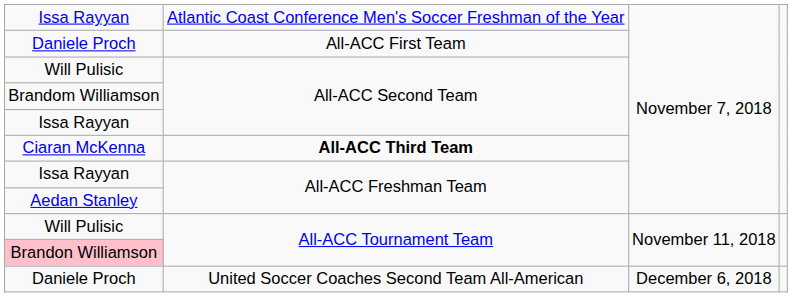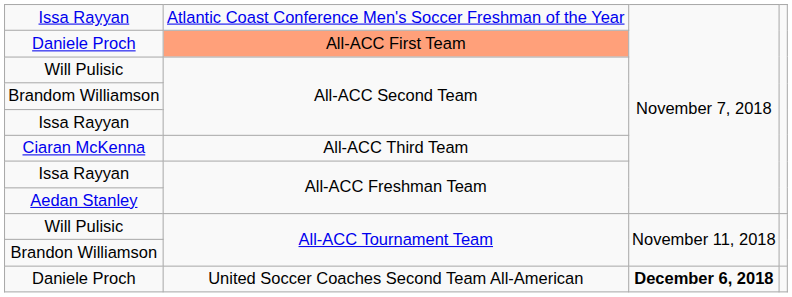 <table class="wikitable sortable" style="text-align: center">
 <tr>
 <td><a href='#'>Issa Rayyan</a></td>
 <td><a href='#'>Atlantic Coast Conference Men's Soccer Freshman of the Year</a></td>
 <td rowspan=8>November 7, 2018</td>
 <td rowspan=8></td>
 </tr>
 <tr>
 <td><a href='#'>Daniele Proch</a></td>
-<td>All-ACC First Team</td>
+<td style="background: lightsalmon;">All-ACC First Team</td>
 </tr>
 <tr>
 <td>Will Pulisic</td>
 <td rowspan=3>All-ACC Second Team</td>
 </tr>
 <tr>
 <td>Brandom Williamson</td>
 </tr>
 <tr>
 <td>Issa Rayyan</td>
 </tr>
 <tr>
 <td><a href='#'>Ciaran McKenna</a></td>
-<td><strong>All-ACC Third Team</strong></td>
+<td>All-ACC Third Team</td>
 </tr>
 <tr>
 <td>Issa Rayyan</td>
 <td rowspan=2>All-ACC Freshman Team</td>
 </tr>
 <tr>
 <td><a href='#'>Aedan Stanley</a></td>
 </tr>
 <tr>
 <td>Will Pulisic</td>
 <td rowspan=2><a href='#'>All-ACC Tournament Team</a></td>
 <td rowspan=2>November 11, 2018</td>
 <td rowspan=2></td>
 </tr>
 <tr>
-<td style="background: pink;">Brandon Williamson</td>
+<td>Brandon Williamson</td>
 </tr>
 <tr>
 <td>Daniele Proch</td>
 <td>United Soccer Coaches Second Team All-American</td>
-<td>December 6, 2018</td>
+<td><strong>December 6, 2018</strong></td>
 <td></td>
 </tr>
 </table>
